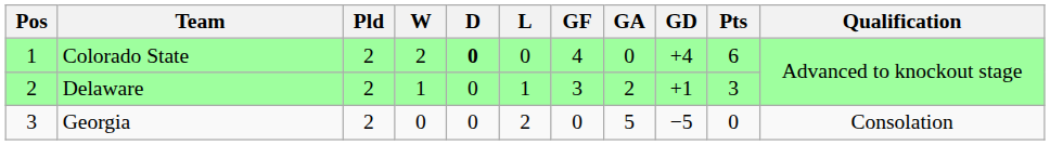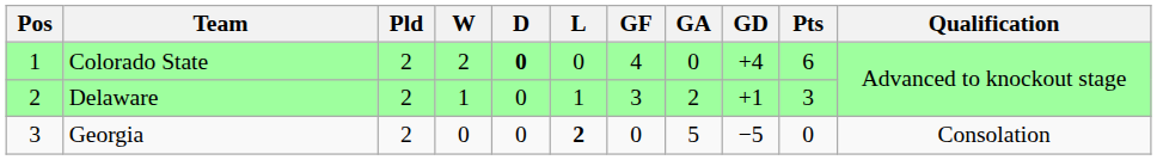 <table class="wikitable" style="text-align:center; margin: 1em auto">
 <tr>
 <th style="width:2em">Pos</th>
 <th style="width:13em">Team</th>
 <th style="width:2em">Pld</th>
 <th style="width:2em">W</th>
 <th style="width:2em">D</th>
 <th style="width:2em">L</th>
 <th style="width:2em">GF</th>
 <th style="width:2em">GA</th>
 <th style="width:2em">GD</th>
 <th style="width:2em">Pts</th>
 <th style="width:13em">Qualification</th>
 </tr>
 <tr bgcolor="#9eff9e">
 <td>1</td>
 <td style="text-align:left">Colorado State</td>
 <td>2</td>
 <td>2</td>
 <td><strong>0</strong></td>
 <td>0</td>
 <td>4</td>
 <td>0</td>
 <td>+4</td>
 <td>6</td>
 <td rowspan="2">Advanced to knockout stage</td>
 </tr>
 <tr bgcolor="#9eff9e">
 <td>2</td>
 <td style="text-align:left">Delaware</td>
 <td>2</td>
 <td>1</td>
 <td>0</td>
 <td>1</td>
 <td>3</td>
 <td>2</td>
 <td>+1</td>
 <td>3</td>
 </tr>
 <tr>
 <td>3</td>
 <td style="text-align:left">Georgia</td>
 <td>2</td>
 <td>0</td>
 <td>0</td>
-<td>2</td>
+<td><strong>2</strong></td>
 <td>0</td>
 <td>5</td>
 <td>−5</td>
 <td>0</td>
 <td>Consolation</td>
 </tr>
 </table>
